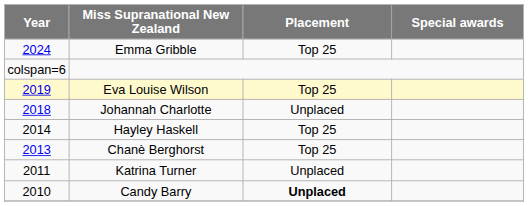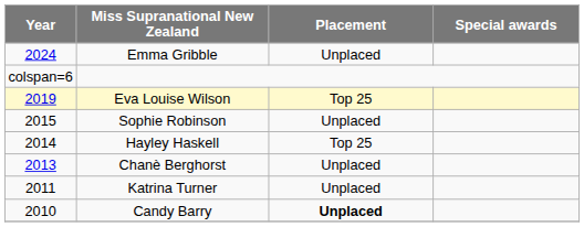 <table class="wikitable sortable" style="font-size: 95%; text-align:center">
 <tr>
 <th width="30" style="background-color:#787878;color:#FFFFFF;">Year</th>
 <th width="200" style="background-color:#787878;color:#FFFFFF;">Miss Supranational New Zealand</th>
 <th width="170" style="background-color:#787878;color:#FFFFFF;">Placement</th>
 <th width="150" style="background-color:#787878;color:#FFFFFF;">Special awards</th>
 </tr>
 <tr>
 <td><a href='#'>2024</a></td>
 <td>Emma Gribble</td>
-<td>Top 25</td>
+<td>Unplaced</td>
 <td></td>
 </tr>
 <tr>
 <td>colspan=6 </td>
 </tr>
 <tr style="background-color:#FFFACD;">
 <td><a href='#'>2019</a></td>
 <td>Eva Louise Wilson</td>
 <td>Top 25</td>
 <td></td>
 </tr>
 <tr>
-<td><a href='#'>2018</a></td>
-<td>Johannah Charlotte</td>
+<td>2015</td>
+<td>Sophie Robinson</td>
 <td>Unplaced</td>
 <td></td>
 </tr>
 <tr>
 <td>2014</td>
 <td>Hayley Haskell</td>
 <td>Top 25</td>
 <td></td>
 </tr>
 <tr>
 <td><a href='#'>2013</a></td>
 <td>Chanè Berghorst</td>
-<td>Top 25</td>
+<td>Unplaced</td>
 <td></td>
 </tr>
 <tr>
 <td>2011</td>
 <td>Katrina Turner</td>
 <td>Unplaced</td>
 <td></td>
 </tr>
 <tr>
 <td>2010</td>
 <td>Candy Barry</td>
 <td><strong>Unplaced</strong></td>
 <td></td>
 </tr>
 <tr>
 </tr>
 </table>
